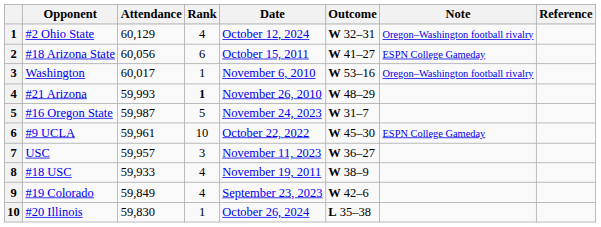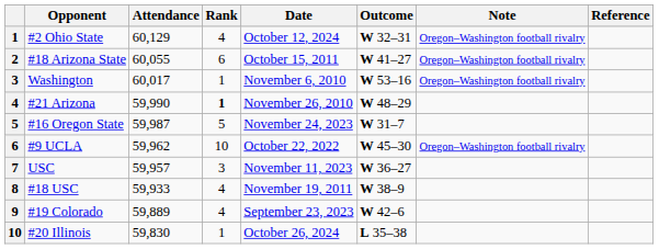 <table class="wikitable sortable">
 <tr style="text-align:center; background:silver;">
 <th></th>
 <th>Opponent</th>
 <th>Attendance</th>
 <th>Rank</th>
 <th>Date</th>
 <th>Outcome</th>
 <th>Note</th>
 <th>Reference</th>
 </tr>
 <tr>
 <th>1</th>
 <td><a href='#'>#2 Ohio State</a></td>
 <td>60,129</td>
 <td align="center">4</td>
 <td><a href='#'>October 12, 2024</a></td>
 <td><strong>W</strong> 32–31</td>
 <td><small><a href='#'>Oregon–Washington football rivalry</a></small></td>
 <td></td>
 </tr>
 <tr>
 <th>2</th>
 <td><a href='#'>#18 Arizona State</a></td>
-<td>60,056</td>
+<td>60,055</td>
 <td align="center">6</td>
 <td><a href='#'>October 15, 2011</a></td>
 <td><strong>W</strong> 41–27</td>
-<td><small><a href='#'>ESPN College Gameday</a></small></td>
+<td><small><a href='#'>Oregon–Washington football rivalry</a></small></td>
 <td></td>
 </tr>
 <tr>
 <th>3</th>
 <td><a href='#'>Washington</a></td>
 <td>60,017</td>
 <td align="center">1</td>
 <td><a href='#'>November 6, 2010</a></td>
 <td><strong>W</strong> 53–16</td>
 <td><small><a href='#'>Oregon–Washington football rivalry</a></small></td>
 <td></td>
 </tr>
 <tr>
 <th>4</th>
 <td><a href='#'>#21 Arizona</a></td>
-<td>59,993</td>
+<td>59,990</td>
 <td align="center"><strong>1</strong></td>
 <td><a href='#'>November 26, 2010</a></td>
 <td><strong>W</strong> 48–29</td>
 <td> </td>
 <td></td>
 </tr>
 <tr>
 <th>5</th>
 <td><a href='#'>#16 Oregon State</a></td>
 <td>59,987</td>
 <td align="center">5</td>
 <td><a href='#'>November 24, 2023</a></td>
 <td><strong>W</strong> 31–7</td>
 <td></td>
 <td></td>
 </tr>
 <tr>
 <th>6</th>
 <td><a href='#'>#9 UCLA</a></td>
-<td>59,961</td>
+<td>59,962</td>
 <td align="center">10</td>
 <td><a href='#'>October 22, 2022</a></td>
 <td><strong>W</strong> 45–30</td>
-<td><small><a href='#'>ESPN College Gameday</a></small></td>
+<td><small><a href='#'>Oregon–Washington football rivalry</a></small></td>
 <td></td>
 </tr>
 <tr>
 <th>7</th>
 <td><a href='#'>USC</a></td>
 <td>59,957</td>
 <td align="center">3</td>
 <td><a href='#'>November 11, 2023</a></td>
 <td><strong>W</strong> 36–27</td>
 <td></td>
 <td></td>
 </tr>
 <tr>
 <th>8</th>
 <td><a href='#'>#18 USC</a></td>
 <td>59,933</td>
 <td align="center">4</td>
 <td><a href='#'>November 19, 2011</a></td>
 <td><strong>W</strong> 38–9</td>
 <td></td>
 <td></td>
 </tr>
 <tr>
 <th>9</th>
 <td><a href='#'>#19 Colorado</a></td>
-<td>59,849</td>
+<td>59,889</td>
 <td align="center">4</td>
 <td><a href='#'>September 23, 2023</a></td>
 <td><strong>W</strong> 42–6</td>
 <td></td>
 <td></td>
 </tr>
 <tr>
 <th>10</th>
 <td><a href='#'>#20 Illinois</a></td>
 <td>59,830</td>
 <td align="center">1</td>
 <td><a href='#'>October 26, 2024</a></td>
 <td><strong>L</strong> 35–38</td>
 <td></td>
 <td></td>
 </tr>
 </table>
